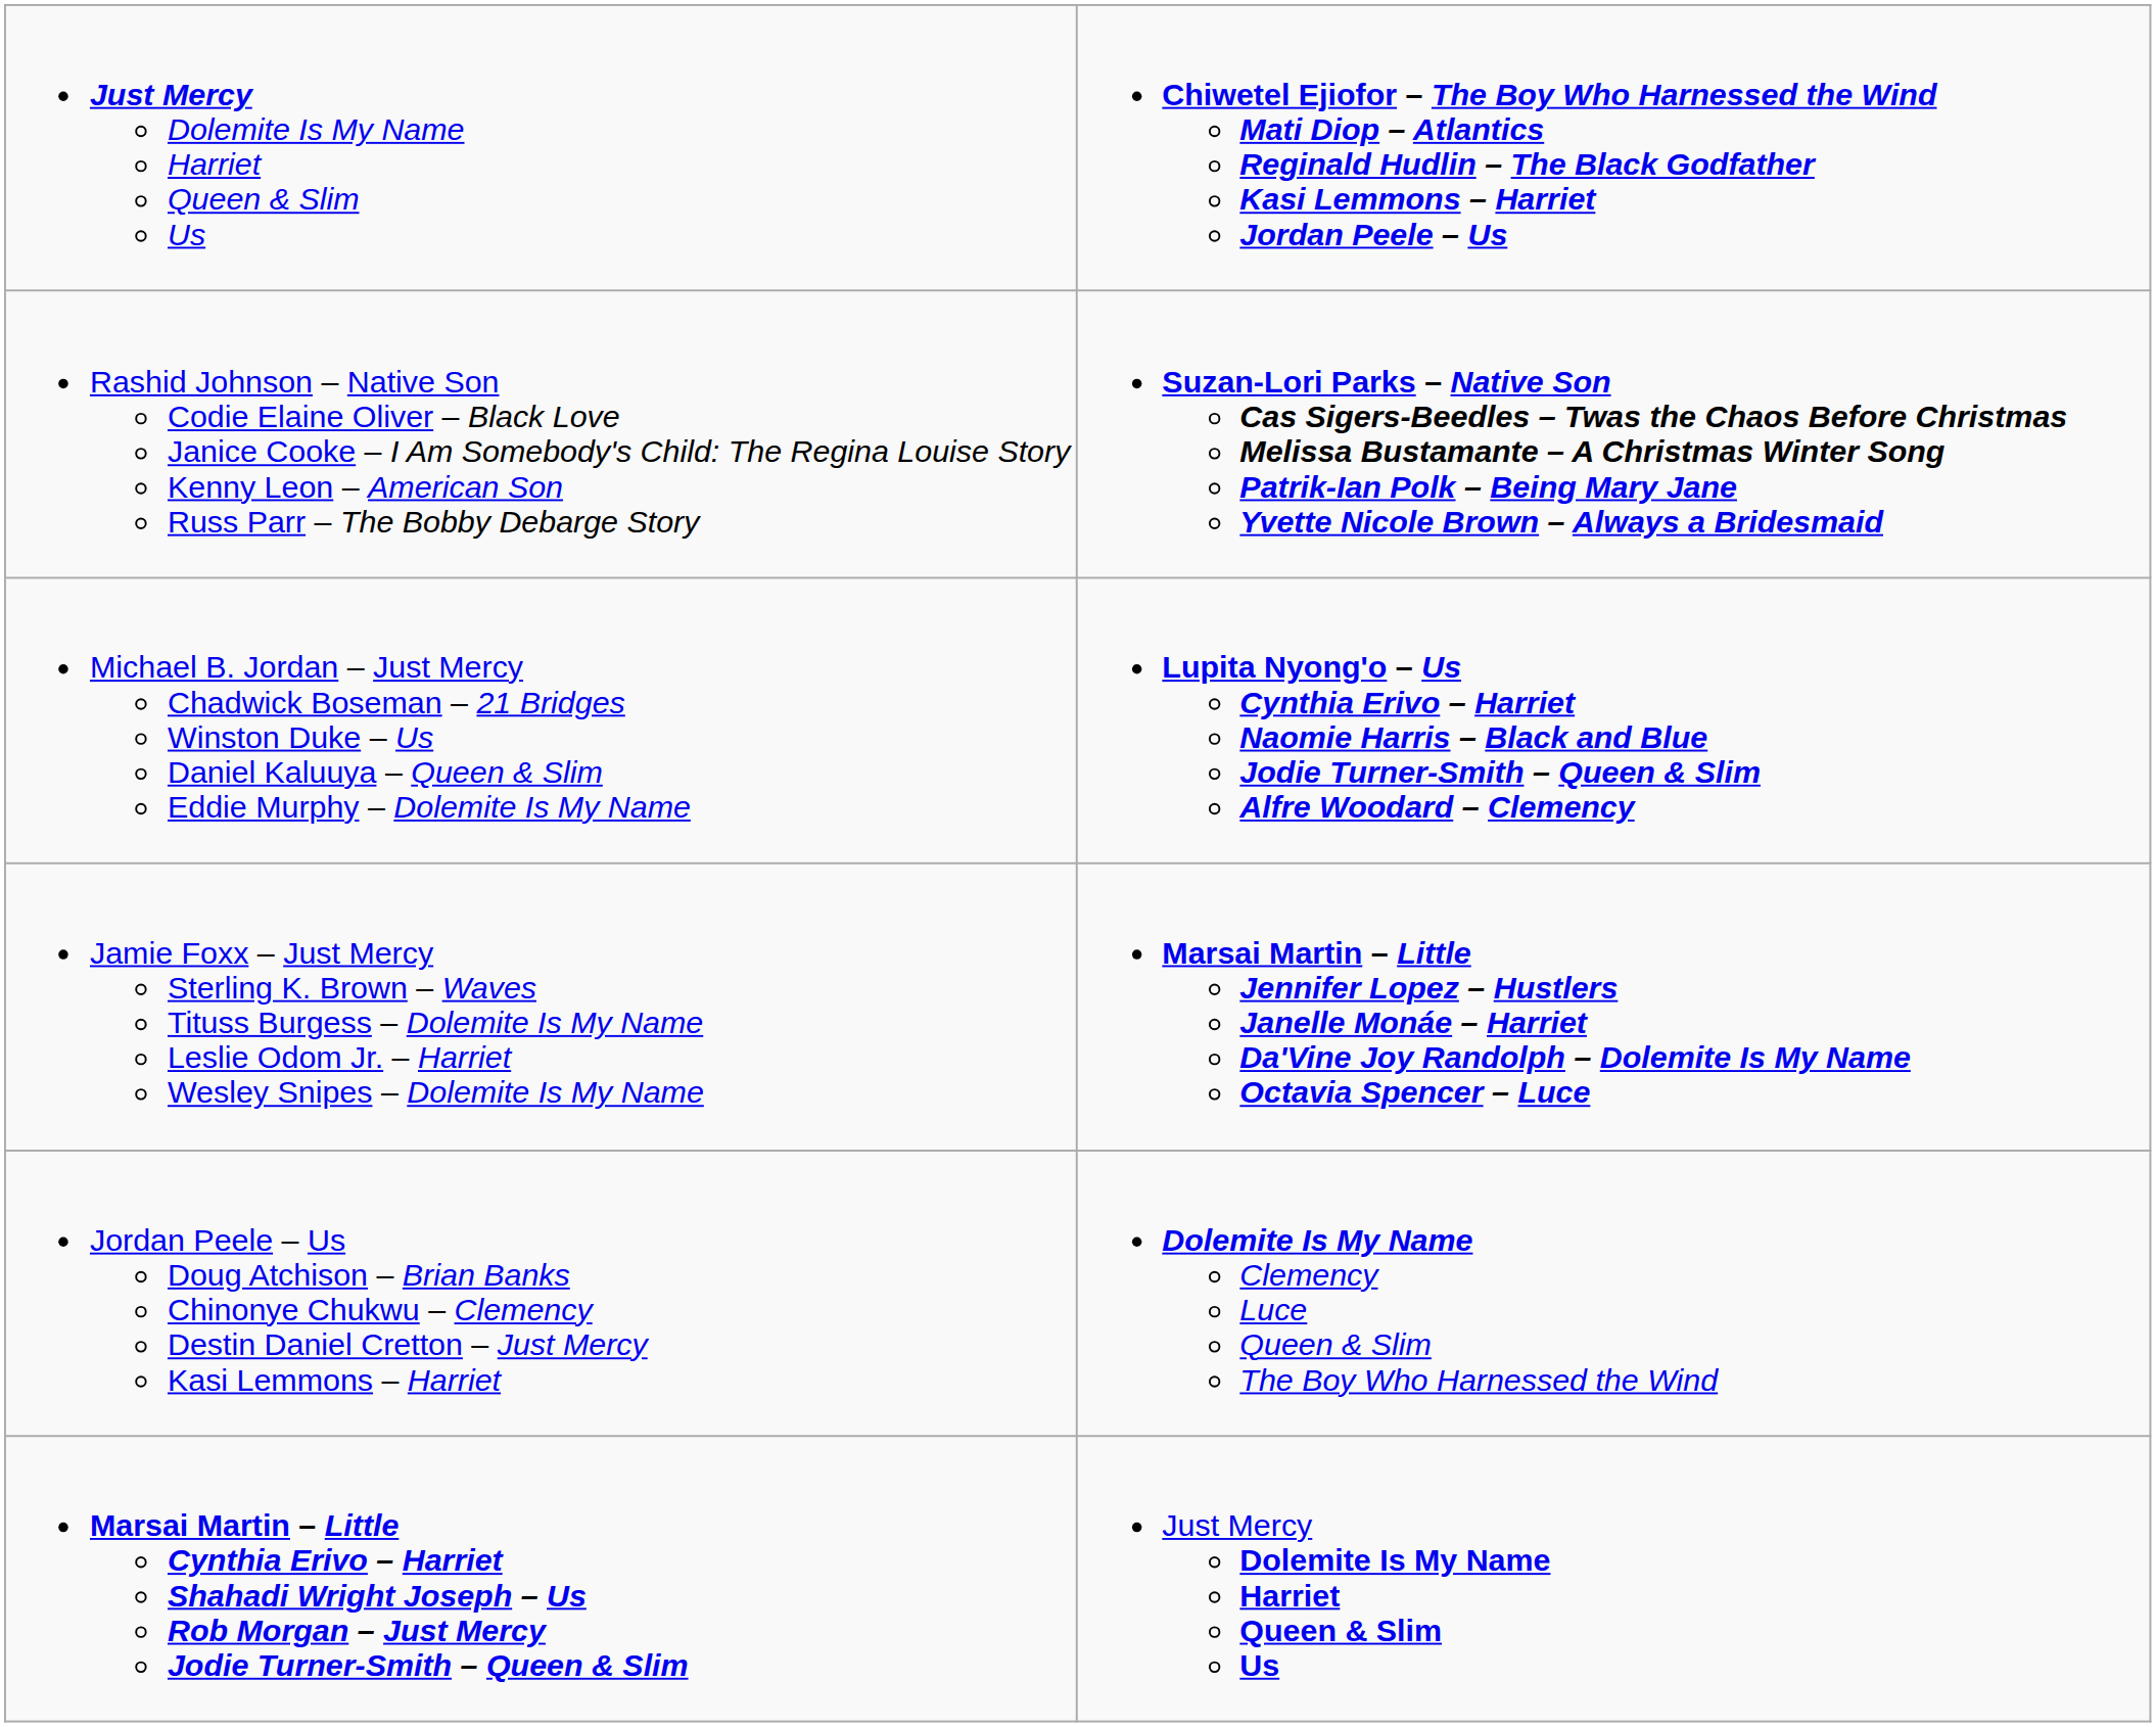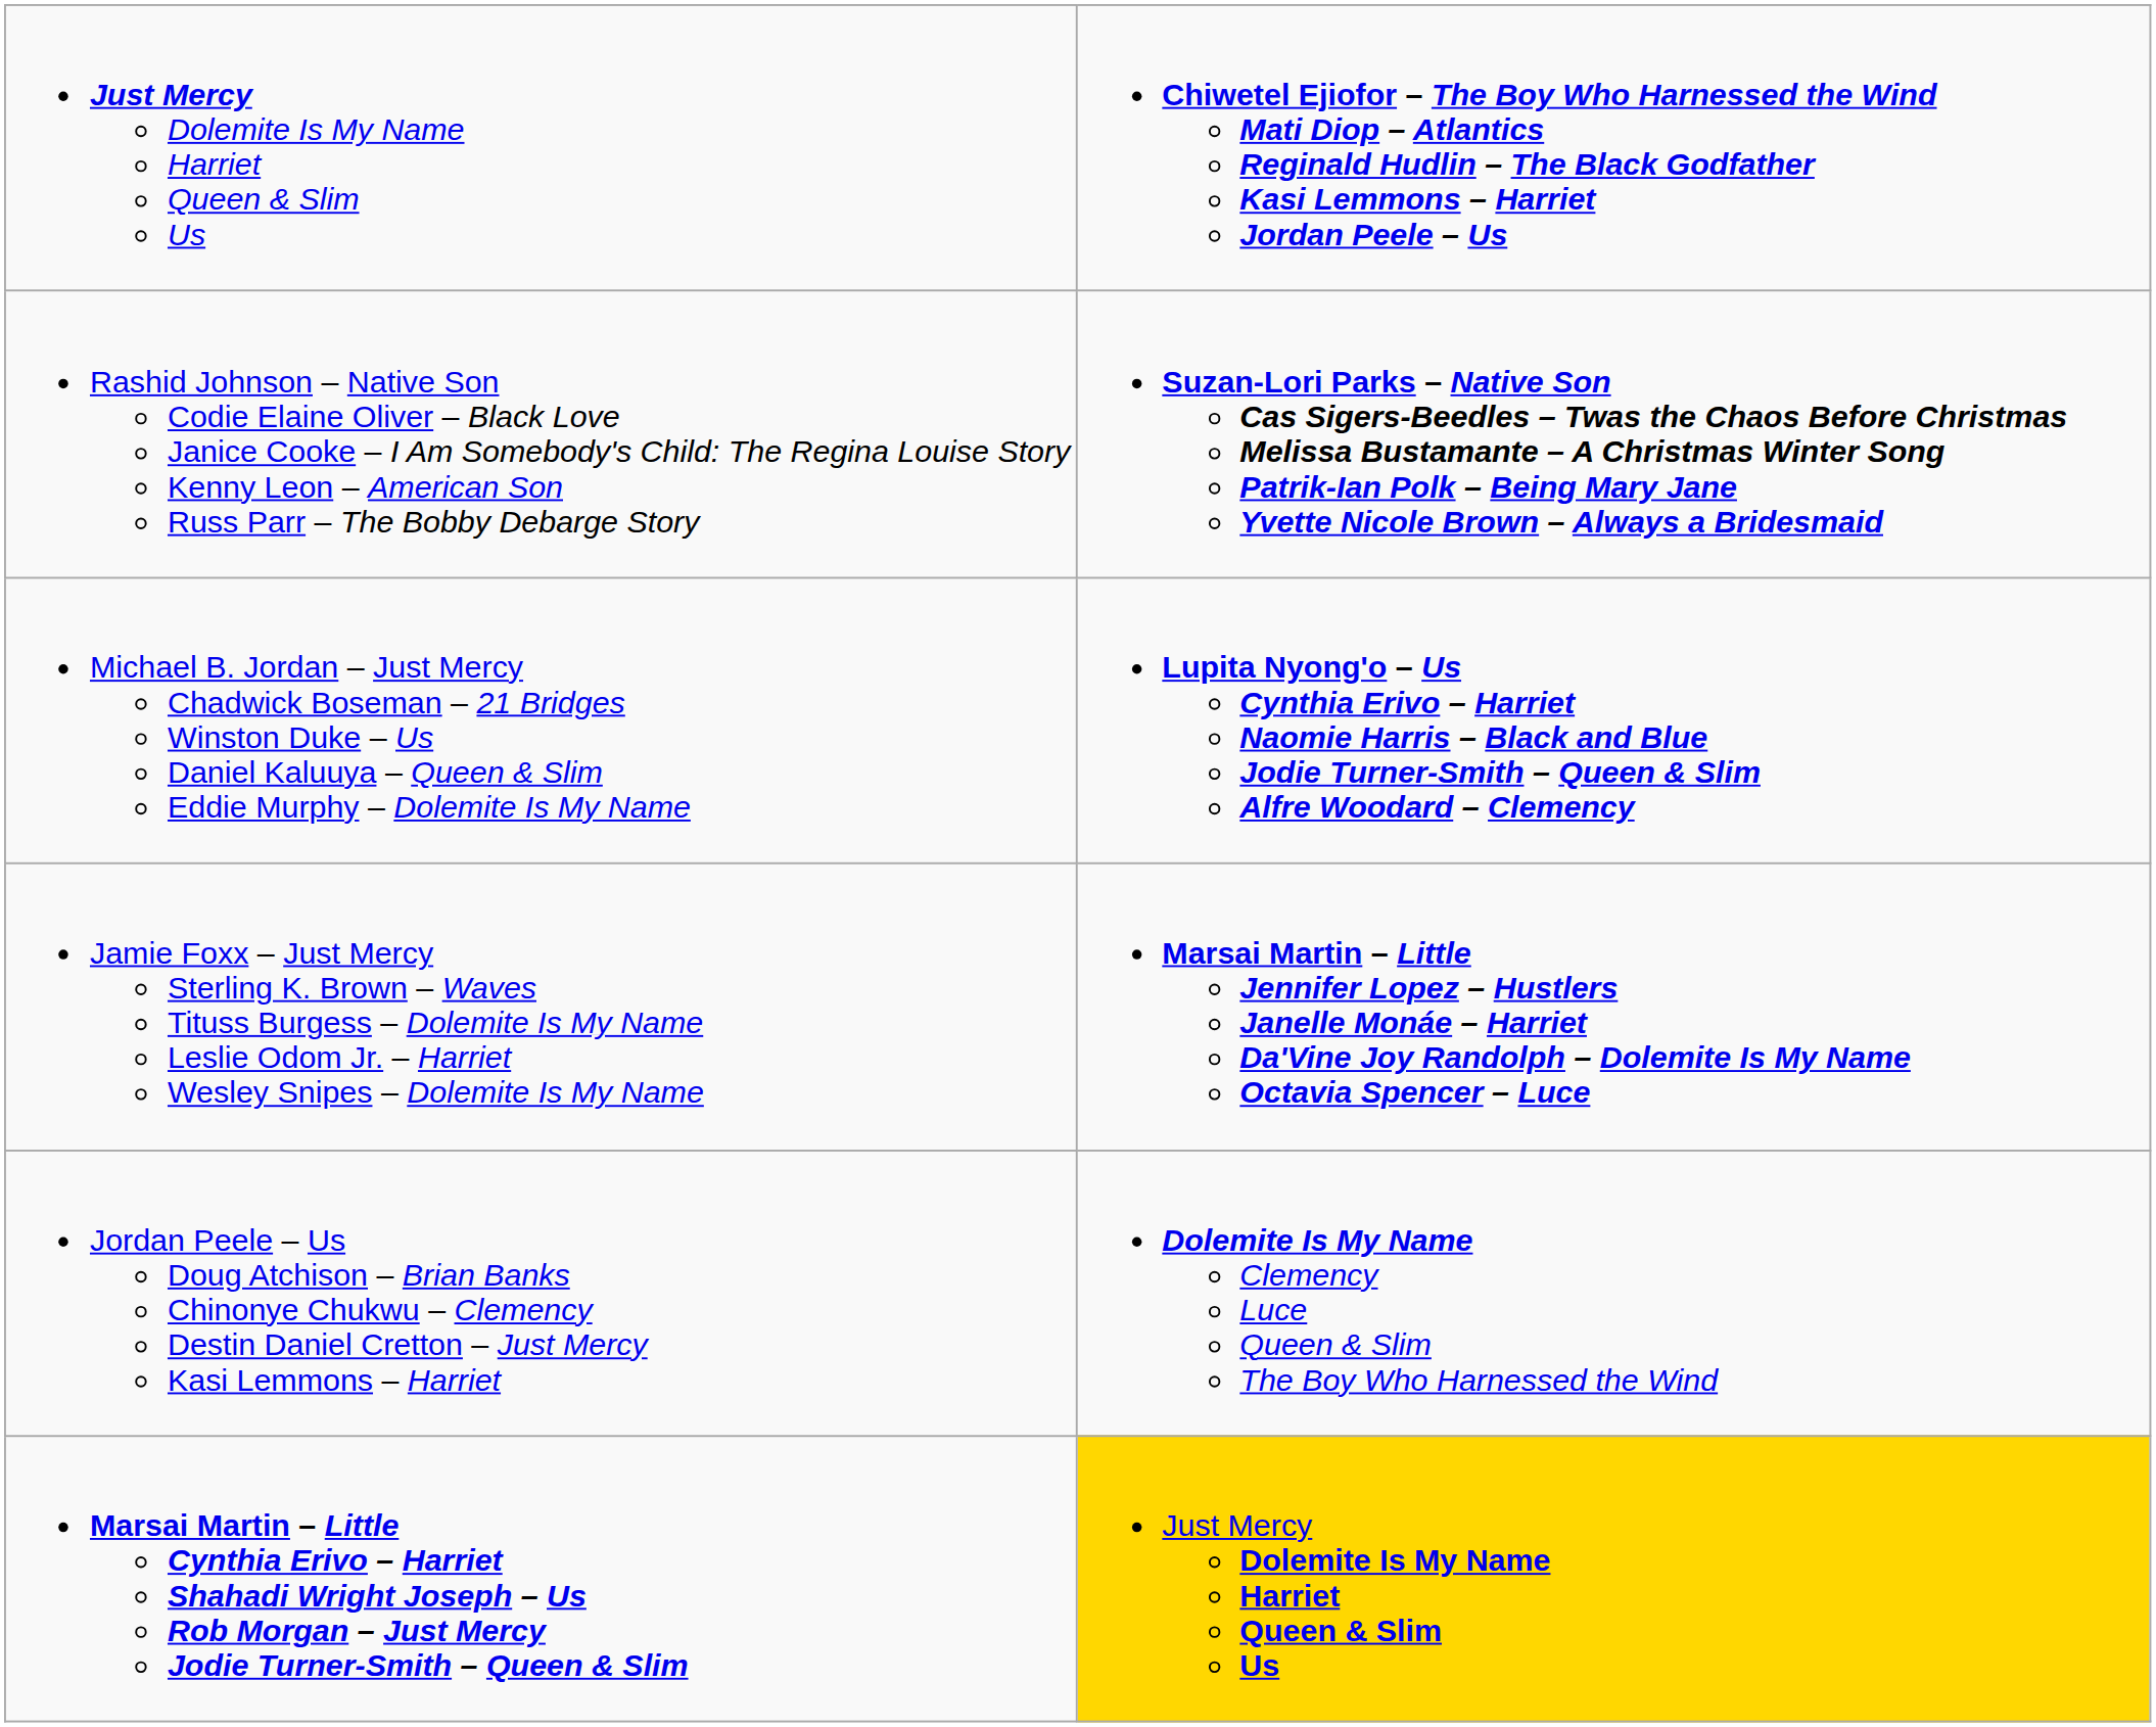 <table class=wikitable>
 <tr>
 <td valign="top" width="50%"><br><ul><li><strong><em><a href='#'>Just Mercy</a></em></strong><ul><li><em><a href='#'>Dolemite Is My Name</a></em></li><li><em><a href='#'>Harriet</a></em></li><li><em><a href='#'>Queen & Slim</a></em></li><li><em><a href='#'>Us</a></em></li></ul></li></ul></td>
 <td valign="top" width="50%"><br><ul><li><strong><a href='#'>Chiwetel Ejiofor</a> – <em><a href='#'>The Boy Who Harnessed the Wind</a><strong><em><ul><li><a href='#'>Mati Diop</a> – </em><a href='#'>Atlantics</a><em></li><li><a href='#'>Reginald Hudlin</a> – </em><a href='#'>The Black Godfather</a><em></li><li><a href='#'>Kasi Lemmons</a> – </em><a href='#'>Harriet</a><em></li><li><a href='#'>Jordan Peele</a> – </em><a href='#'>Us</a><em></li></ul></li></ul></td>
 </tr>
 <tr>
 <td><br><ul><li></strong><a href='#'>Rashid Johnson</a> – </em><a href='#'>Native Son</a></em></strong><ul><li><a href='#'>Codie Elaine Oliver</a> – <em>Black Love</em></li><li><a href='#'>Janice Cooke</a> – <em>I Am Somebody's Child: The Regina Louise Story</em></li><li><a href='#'>Kenny Leon</a> – <em><a href='#'>American Son</a></em></li><li><a href='#'>Russ Parr</a> – <em>The Bobby Debarge Story</em></li></ul></li></ul></td>
 <td><br><ul><li><strong><a href='#'>Suzan-Lori Parks</a> – <em><a href='#'>Native Son</a><strong><em><ul><li>Cas Sigers-Beedles – </em>Twas the Chaos Before Christmas<em></li><li>Melissa Bustamante – </em>A Christmas Winter Song<em></li><li><a href='#'>Patrik-Ian Polk</a> – </em><a href='#'>Being Mary Jane</a><em></li><li><a href='#'>Yvette Nicole Brown</a> – </em><a href='#'>Always a Bridesmaid</a><em></li></ul></li></ul></td>
 </tr>
 <tr>
 <td valign="top" width="50%"><br><ul><li></strong><a href='#'>Michael B. Jordan</a> – </em><a href='#'>Just Mercy</a></em></strong><ul><li><a href='#'>Chadwick Boseman</a> – <em><a href='#'>21 Bridges</a></em></li><li><a href='#'>Winston Duke</a> – <em><a href='#'>Us</a></em></li><li><a href='#'>Daniel Kaluuya</a> – <em><a href='#'>Queen & Slim</a></em></li><li><a href='#'>Eddie Murphy</a> – <em><a href='#'>Dolemite Is My Name</a></em></li></ul></li></ul></td>
 <td valign="top" width="50%"><br><ul><li><strong><a href='#'>Lupita Nyong'o</a> – <em><a href='#'>Us</a><strong><em><ul><li><a href='#'>Cynthia Erivo</a> – </em><a href='#'>Harriet</a><em></li><li><a href='#'>Naomie Harris</a> – </em><a href='#'>Black and Blue</a><em></li><li><a href='#'>Jodie Turner-Smith</a> – </em><a href='#'>Queen & Slim</a><em></li><li><a href='#'>Alfre Woodard</a> – </em><a href='#'>Clemency</a><em></li></ul></li></ul></td>
 </tr>
 <tr>
 <td valign="top" width="50%"><br><ul><li></strong><a href='#'>Jamie Foxx</a> – </em><a href='#'>Just Mercy</a></em></strong><ul><li><a href='#'>Sterling K. Brown</a> – <em><a href='#'>Waves</a></em></li><li><a href='#'>Tituss Burgess</a> – <em><a href='#'>Dolemite Is My Name</a></em></li><li><a href='#'>Leslie Odom Jr.</a> – <em><a href='#'>Harriet</a></em></li><li><a href='#'>Wesley Snipes</a> – <em><a href='#'>Dolemite Is My Name</a></em></li></ul></li></ul></td>
 <td valign="top" width="50%"><br><ul><li><strong><a href='#'>Marsai Martin</a> – <em><a href='#'>Little</a><strong><em><ul><li><a href='#'>Jennifer Lopez</a> – </em><a href='#'>Hustlers</a><em></li><li><a href='#'>Janelle Monáe</a> – </em><a href='#'>Harriet</a><em></li><li><a href='#'>Da'Vine Joy Randolph</a> – </em><a href='#'>Dolemite Is My Name</a><em></li><li><a href='#'>Octavia Spencer</a> – </em><a href='#'>Luce</a><em></li></ul></li></ul></td>
 </tr>
 <tr>
 <td valign="top" width="50%"><br><ul><li></strong><a href='#'>Jordan Peele</a> – </em><a href='#'>Us</a></em></strong><ul><li><a href='#'>Doug Atchison</a> – <em><a href='#'>Brian Banks</a></em></li><li><a href='#'>Chinonye Chukwu</a> – <em><a href='#'>Clemency</a></em></li><li><a href='#'>Destin Daniel Cretton</a> – <em><a href='#'>Just Mercy</a></em></li><li><a href='#'>Kasi Lemmons</a> – <em><a href='#'>Harriet</a></em></li></ul></li></ul></td>
 <td valign="top" width="50%"><br><ul><li><strong><em><a href='#'>Dolemite Is My Name</a></em></strong><ul><li><em><a href='#'>Clemency</a></em></li><li><em><a href='#'>Luce</a></em></li><li><em><a href='#'>Queen & Slim</a></em></li><li><em><a href='#'>The Boy Who Harnessed the Wind</a></em></li></ul></li></ul></td>
 </tr>
 <tr>
 <td valign="top" width="50%"><br><ul><li><strong><a href='#'>Marsai Martin</a> – <em><a href='#'>Little</a><strong><em><ul><li><a href='#'>Cynthia Erivo</a> – </em><a href='#'>Harriet</a><em></li><li><a href='#'>Shahadi Wright Joseph</a> – </em><a href='#'>Us</a><em></li><li><a href='#'>Rob Morgan</a> – </em><a href='#'>Just Mercy</a><em></li><li><a href='#'>Jodie Turner-Smith</a> – </em><a href='#'>Queen & Slim</a><em></li></ul></li></ul></td>
-<td valign="top" width="50%"><br><ul><li></em></strong><a href='#'>Just Mercy</a><strong><em><ul><li></em><a href='#'>Dolemite Is My Name</a><em></li><li></em><a href='#'>Harriet</a><em></li><li></em><a href='#'>Queen & Slim</a><em></li><li></em><a href='#'>Us</a><em></li></ul></li></ul></td>
+<td valign="top" width="50%" style="background: gold;"><br><ul><li></em></strong><a href='#'>Just Mercy</a><strong><em><ul><li></em><a href='#'>Dolemite Is My Name</a><em></li><li></em><a href='#'>Harriet</a><em></li><li></em><a href='#'>Queen & Slim</a><em></li><li></em><a href='#'>Us</a><em></li></ul></li></ul></td>
 </tr>
 </table>
